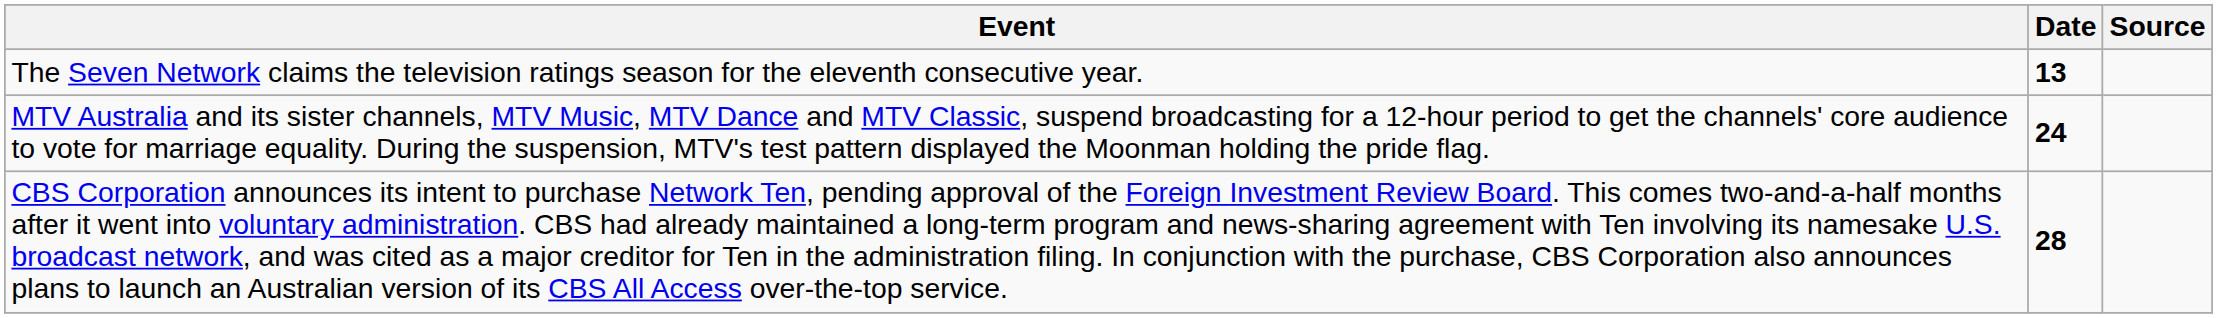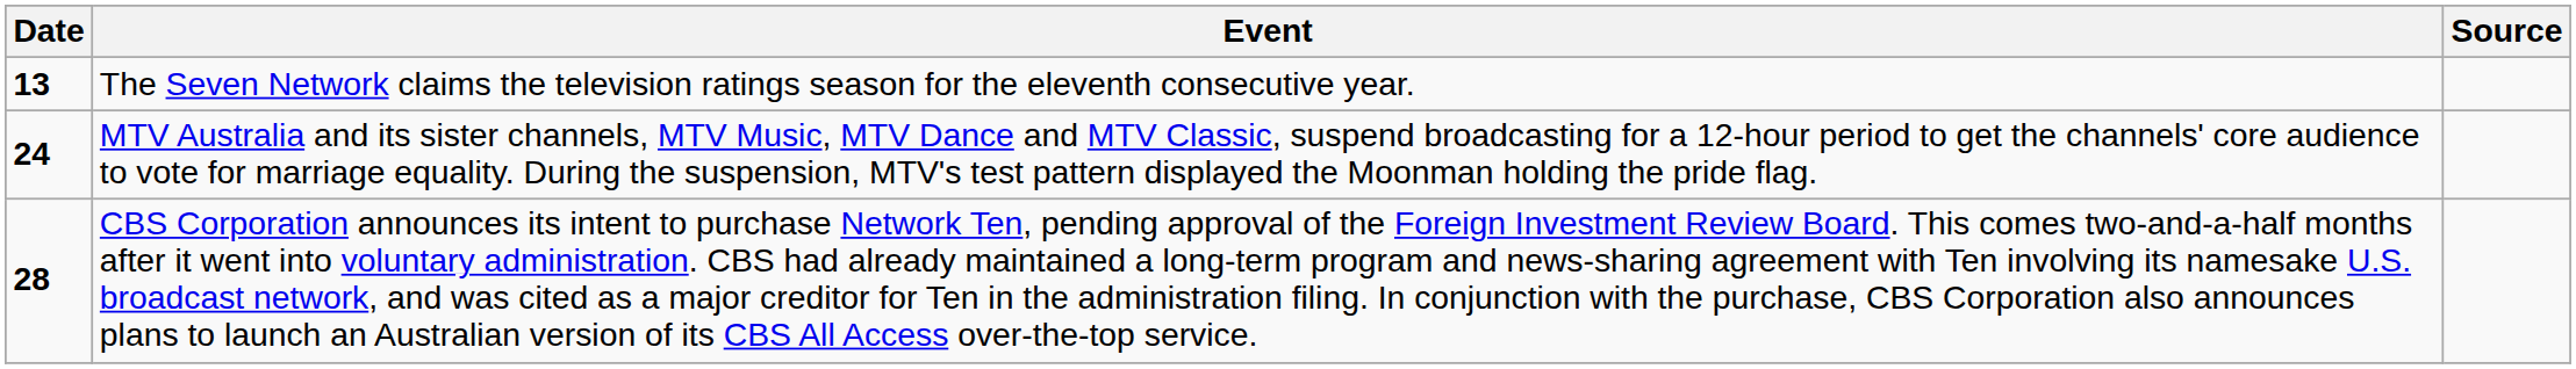 <table class="wikitable">
 <tr>
+<th>Date</th>
 <th>Event</th>
-<th>Date</th>
 <th>Source</th>
 </tr>
 <tr>
+<td><strong>13</strong></td>
 <td>The <a href='#'>Seven Network</a> claims the television ratings season for the eleventh consecutive year.</td>
-<td><strong>13</strong></td>
 <td></td>
 </tr>
 <tr>
+<td><strong>24</strong></td>
 <td><a href='#'>MTV Australia</a> and its sister channels, <a href='#'>MTV Music</a>, <a href='#'>MTV Dance</a> and <a href='#'>MTV Classic</a>, suspend broadcasting for a 12-hour period to get the channels' core audience to vote for marriage equality. During the suspension, MTV's test pattern displayed the Moonman holding the pride flag.</td>
-<td><strong>24</strong></td>
 <td></td>
 </tr>
 <tr>
+<td><strong>28</strong></td>
 <td><a href='#'>CBS Corporation</a> announces its intent to purchase <a href='#'>Network Ten</a>, pending approval of the <a href='#'>Foreign Investment Review Board</a>. This comes two-and-a-half months after it went into <a href='#'>voluntary administration</a>. CBS had already maintained a long-term program and news-sharing agreement with Ten involving its namesake <a href='#'>U.S. broadcast network</a>, and was cited as a major creditor for Ten in the administration filing. In conjunction with the purchase, CBS Corporation also announces plans to launch an Australian version of its <a href='#'>CBS All Access</a> over-the-top service.</td>
-<td><strong>28</strong></td>
 <td></td>
 </tr>
 </table>
